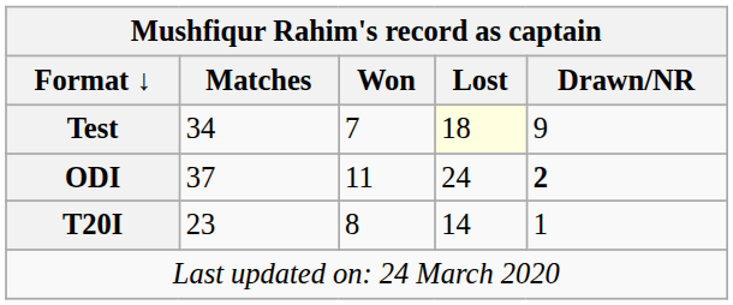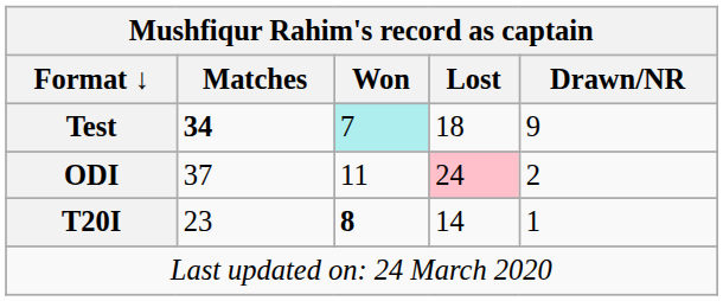 <table class="wikitable" style="float: right; margin-left: 1em; width: 40%; font-size: 90%">
 <tr>
 <th colspan="6">Mushfiqur Rahim's record as captain</th>
 </tr>
 <tr>
 <th>Format ↓</th>
 <th>Matches</th>
 <th>Won</th>
 <th>Lost</th>
 <th>Drawn/NR</th>
 </tr>
 <tr>
 <th scope="row">Test</th>
-<td>34</td>
-<td>7</td>
-<td style="background: lightyellow;">18</td>
+<td><strong>34</strong></td>
+<td style="background: paleturquoise;">7</td>
+<td>18</td>
 <td>9</td>
 </tr>
 <tr>
 <th scope="row">ODI</th>
 <td>37</td>
 <td>11</td>
-<td>24</td>
-<td><strong>2</strong></td>
+<td style="background: pink;">24</td>
+<td>2</td>
 </tr>
 <tr>
 <th scope="row">T20I</th>
 <td>23</td>
-<td>8</td>
+<td><strong>8</strong></td>
 <td>14</td>
 <td>1</td>
 </tr>
 <tr>
 <td colspan=5; align=center><em>Last updated on: 24 March 2020</em></td>
 </tr>
 </table>
